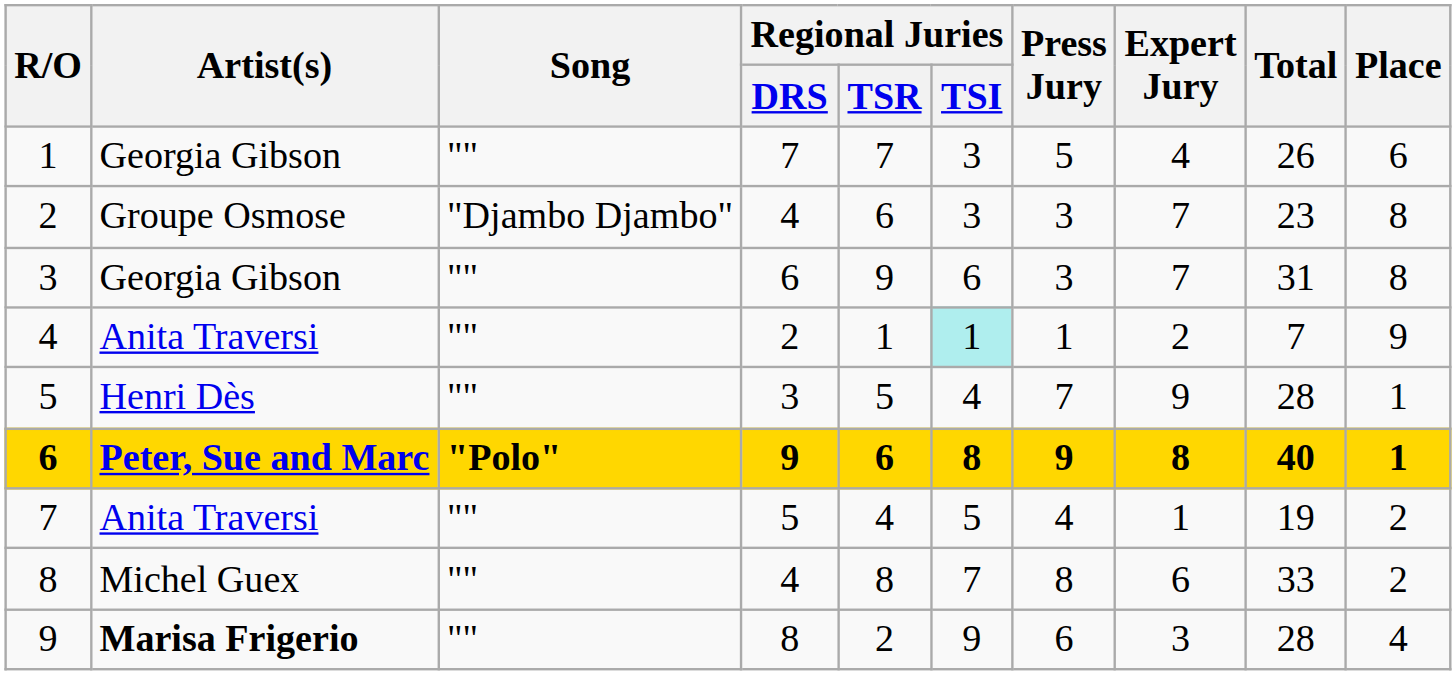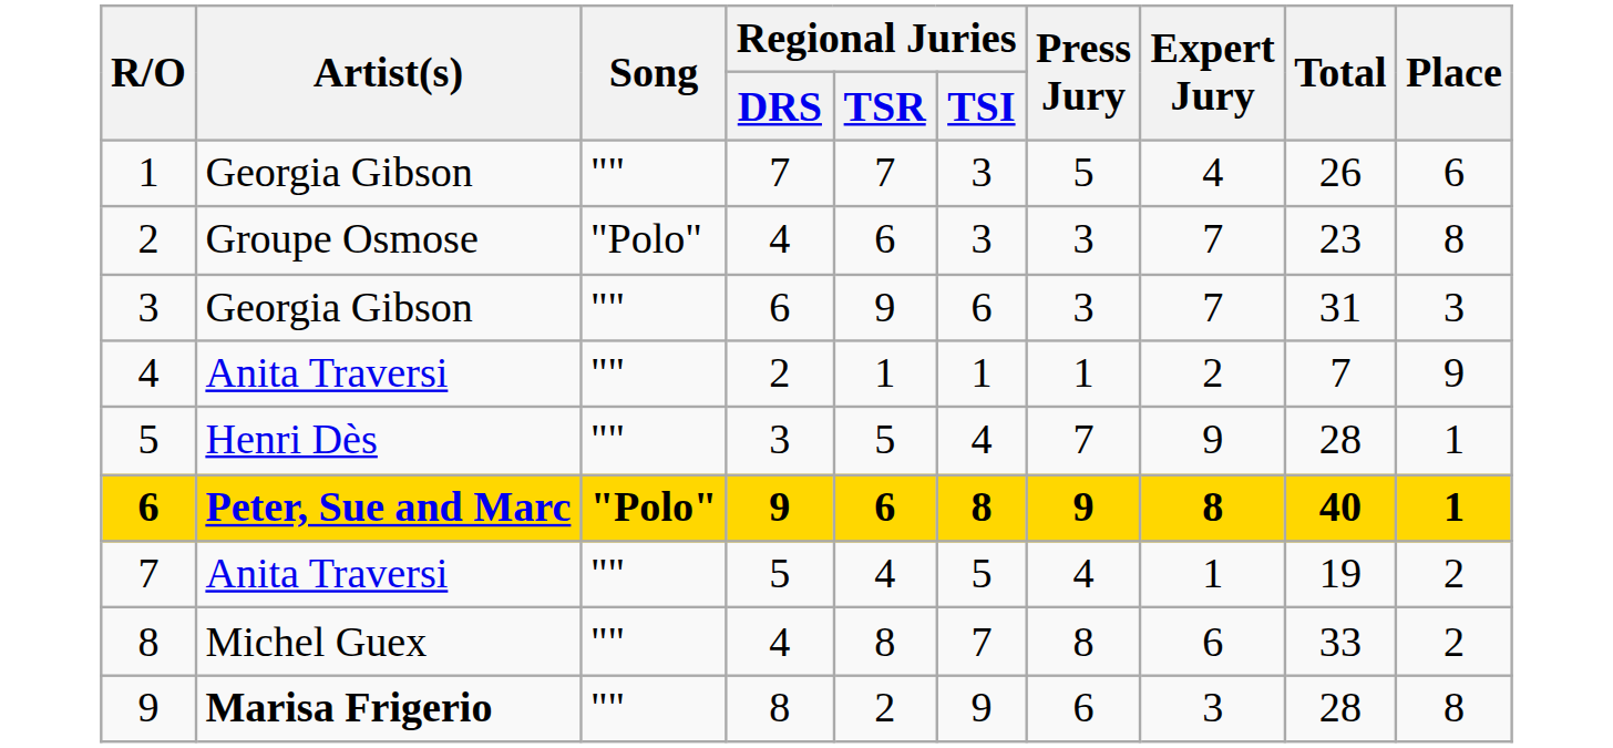 <table class="sortable wikitable" style="margin: 1em auto 1em auto; text-align:center">
 <tr>
 <th rowspan="2">R/O</th>
 <th rowspan="2">Artist(s)</th>
 <th rowspan="2">Song</th>
 <th colspan="3">Regional Juries</th>
 <th rowspan="2">Press<br>Jury</th>
 <th rowspan="2">Expert<br>Jury</th>
 <th rowspan="2">Total</th>
 <th rowspan="2">Place</th>
 </tr>
 <tr>
 <th><a href='#'>DRS</a></th>
 <th><a href='#'>TSR</a></th>
 <th><a href='#'>TSI</a></th>
 </tr>
 <tr>
 <td>1</td>
 <td align="left">Georgia Gibson</td>
 <td align="left">""</td>
 <td>7</td>
 <td>7</td>
 <td>3</td>
 <td>5</td>
 <td>4</td>
 <td>26</td>
 <td>6</td>
 </tr>
 <tr>
 <td>2</td>
 <td align="left">Groupe Osmose</td>
-<td align="left">"Djambo Djambo"</td>
+<td align="left">"Polo"</td>
 <td>4</td>
 <td>6</td>
 <td>3</td>
 <td>3</td>
 <td>7</td>
 <td>23</td>
 <td>8</td>
 </tr>
 <tr>
 <td>3</td>
 <td align="left">Georgia Gibson</td>
 <td align="left">""</td>
 <td>6</td>
 <td>9</td>
 <td>6</td>
 <td>3</td>
 <td>7</td>
 <td>31</td>
-<td>8</td>
+<td>3</td>
 </tr>
 <tr>
 <td>4</td>
 <td align="left"><a href='#'>Anita Traversi</a></td>
 <td align="left">""</td>
 <td>2</td>
 <td>1</td>
-<td style="background: paleturquoise;">1</td>
+<td>1</td>
 <td>1</td>
 <td>2</td>
 <td>7</td>
 <td>9</td>
 </tr>
 <tr>
 <td>5</td>
 <td align="left"><a href='#'>Henri Dès</a></td>
 <td align="left">""</td>
 <td>3</td>
 <td>5</td>
 <td>4</td>
 <td>7</td>
 <td>9</td>
 <td>28</td>
 <td>1</td>
 </tr>
 <tr style="font-weight:bold; background:gold;">
 <td>6</td>
 <td align="left"><a href='#'>Peter, Sue and Marc</a></td>
 <td align="left">"Polo"</td>
 <td>9</td>
 <td>6</td>
 <td>8</td>
 <td>9</td>
 <td>8</td>
 <td>40</td>
 <td>1</td>
 </tr>
 <tr>
 <td>7</td>
 <td align="left"><a href='#'>Anita Traversi</a></td>
 <td align="left">""</td>
 <td>5</td>
 <td>4</td>
 <td>5</td>
 <td>4</td>
 <td>1</td>
 <td>19</td>
 <td>2</td>
 </tr>
 <tr>
 <td>8</td>
 <td align="left">Michel Guex</td>
 <td align="left">""</td>
 <td>4</td>
 <td>8</td>
 <td>7</td>
 <td>8</td>
 <td>6</td>
 <td>33</td>
 <td>2</td>
 </tr>
 <tr>
 <td>9</td>
 <td align="left"><strong>Marisa Frigerio</strong></td>
 <td align="left">""</td>
 <td>8</td>
 <td>2</td>
 <td>9</td>
 <td>6</td>
 <td>3</td>
 <td>28</td>
-<td>4</td>
+<td>8</td>
 </tr>
 </table>
